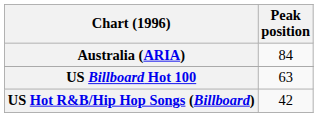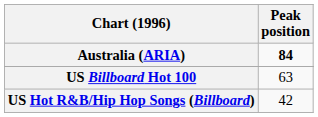 <table class="wikitable sortable plainrowheaders" style="text-align:center">
 <tr>
 <th scope="col">Chart (1996)</th>
 <th scope="col">Peak<br>position</th>
 </tr>
 <tr>
 <th scope="row">Australia (<a href='#'>ARIA</a>)</th>
-<td>84</td>
+<td><strong>84</strong></td>
 </tr>
 <tr>
 </tr>
 <tr>
 </tr>
 <tr>
 </tr>
 <tr>
 </tr>
 <tr>
 <th scope="row">US <a href='#'><em>Billboard</em> Hot 100</a></th>
 <td>63</td>
 </tr>
 <tr>
 <th scope="row">US <a href='#'>Hot R&B/Hip Hop Songs</a> (<em><a href='#'>Billboard</a></em>)</th>
 <td>42</td>
 </tr>
 </table>
